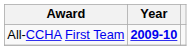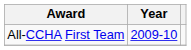 <table class="wikitable">
 <tr>
 <th>Award</th>
 <th>Year</th>
 <th></th>
 </tr>
 <tr>
 <td>All-<a href='#'>CCHA</a> <a href='#'>First Team</a></td>
-<td><strong><a href='#'>2009-10</a></strong></td>
+<td><a href='#'>2009-10</a></td>
 <td></td>
 </tr>
 <tr>
 </tr>
 </table>
